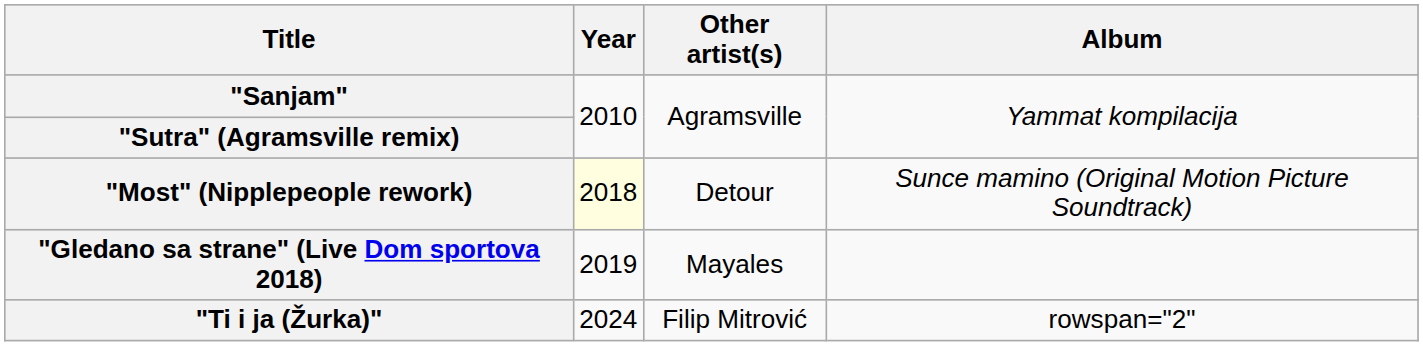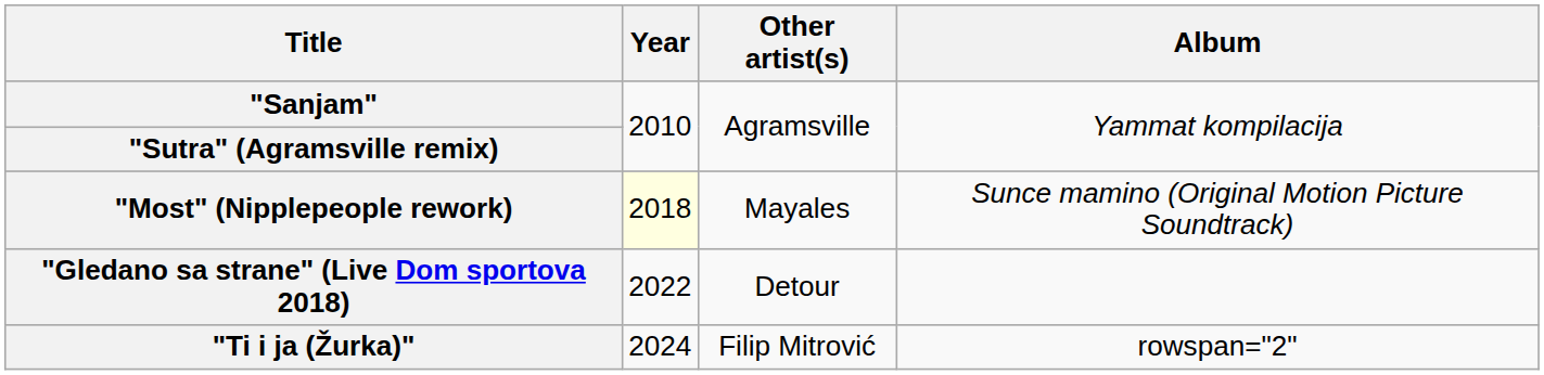 <table class="wikitable plainrowheaders" style="text-align:center;">
 <tr>
 <th scope="col">Title</th>
 <th scope="col">Year</th>
 <th scope="col">Other artist(s)</th>
 <th scope="col">Album</th>
 </tr>
 <tr>
 <th scope="row">"Sanjam"</th>
 <td rowspan="2">2010</td>
 <td rowspan="2">Agramsville</td>
 <td rowspan="2"><em>Yammat kompilacija</em></td>
 </tr>
 <tr>
 <th scope="row">"Sutra" (Agramsville remix)</th>
 </tr>
 <tr>
 <th scope="row">"Most" (Nipplepeople rework)</th>
 <td style="background: lightyellow;">2018</td>
-<td>Detour</td>
+<td>Mayales</td>
 <td><em>Sunce mamino (Original Motion Picture Soundtrack)</em></td>
 </tr>
 <tr>
 <th scope="row">"Gledano sa strane" (Live <a href='#'>Dom sportova</a> 2018)</th>
-<td>2019</td>
-<td>Mayales</td>
+<td>2022</td>
+<td>Detour</td>
 </tr>
 <tr>
 <th scope="row">"Ti i ja (Žurka)"</th>
 <td>2024</td>
 <td>Filip Mitrović</td>
 <td>rowspan="2" </td>
 </tr>
 </table>
